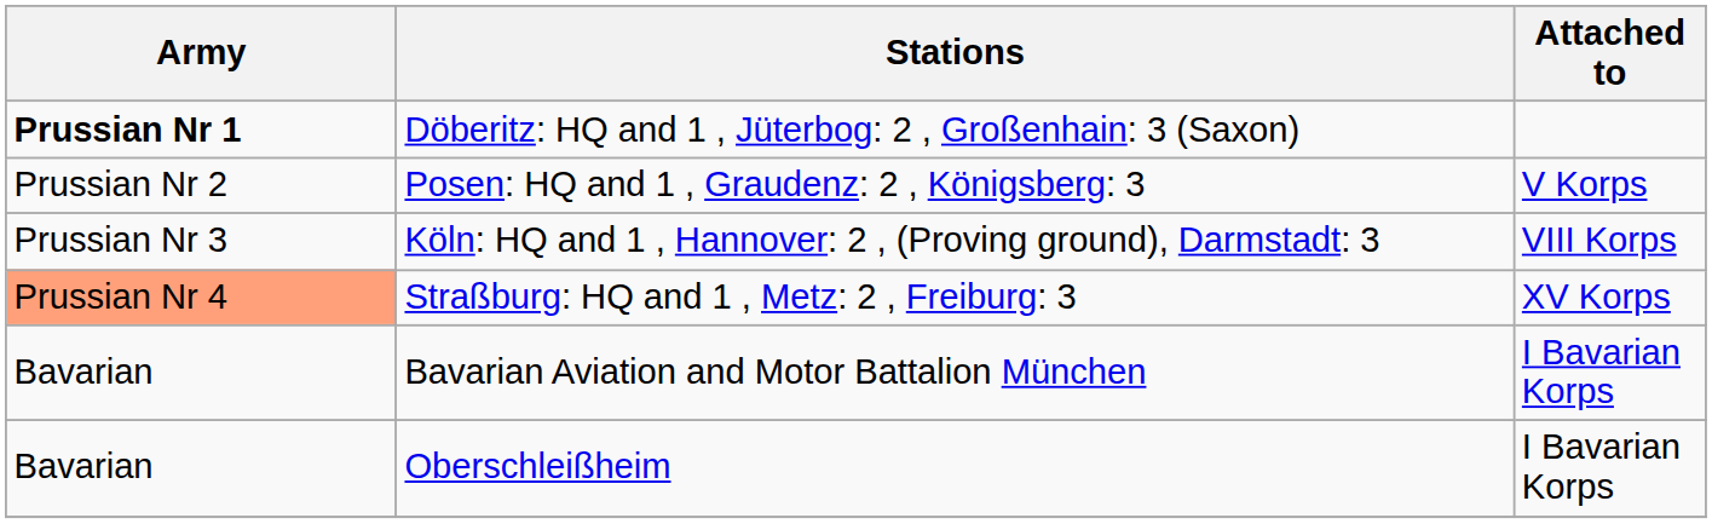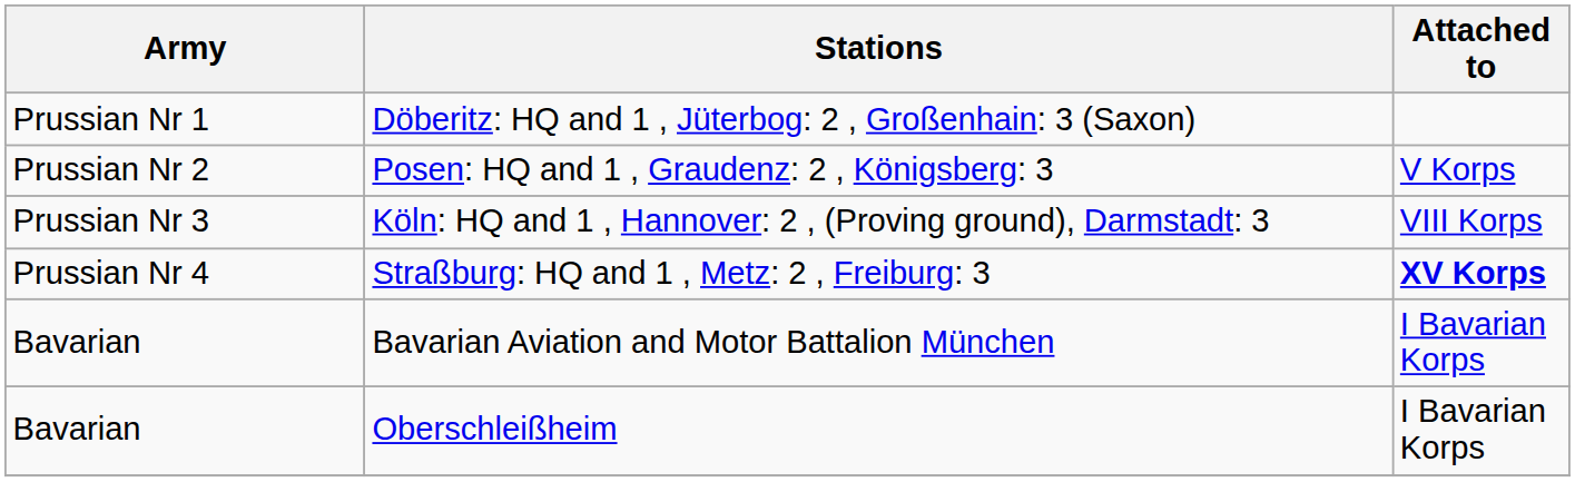 <table class="wikitable sortable">
 <tr>
 <th scope="col" width="170px">Army</th>
 <th scope="col" width="500px">Stations</th>
 <th scope="col" width="80px">Attached to</th>
 </tr>
 <tr>
-<td align="left"><strong>Prussian  Nr 1</strong></td>
+<td align="left">Prussian  Nr 1</td>
 <td align="left"><a href='#'>Döberitz</a>: HQ and 1 , <a href='#'>Jüterbog</a>: 2 , <a href='#'>Großenhain</a>: 3 (Saxon) </td>
 <td align="left"></td>
 </tr>
 <tr>
 <td align="left">Prussian  Nr 2</td>
 <td align="left"><a href='#'>Posen</a>: HQ and 1 , <a href='#'>Graudenz</a>: 2 , <a href='#'>Königsberg</a>: 3 </td>
 <td align="left"><a href='#'>V Korps</a></td>
 </tr>
 <tr>
 <td align="left">Prussian  Nr 3</td>
 <td align="left"><a href='#'>Köln</a>: HQ and 1 , <a href='#'>Hannover</a>: 2 ,  (Proving ground), <a href='#'>Darmstadt</a>: 3 </td>
 <td align="left"><a href='#'>VIII Korps</a></td>
 </tr>
 <tr>
-<td align="left" style="background: lightsalmon;">Prussian  Nr 4</td>
+<td align="left">Prussian  Nr 4</td>
 <td align="left"><a href='#'>Straßburg</a>: HQ and 1 , <a href='#'>Metz</a>: 2 , <a href='#'>Freiburg</a>: 3 </td>
-<td align="left"><a href='#'>XV Korps</a></td>
+<td align="left"><strong><a href='#'>XV Korps</a></strong></td>
 </tr>
 <tr>
 <td align="left">Bavarian </td>
 <td align="left">Bavarian Aviation and Motor Battalion <a href='#'>München</a></td>
 <td align="left"><a href='#'>I Bavarian Korps</a></td>
 </tr>
 <tr>
 <td align="left">Bavarian </td>
 <td align="left"><a href='#'>Oberschleißheim</a></td>
 <td align="left">I Bavarian Korps</td>
 </tr>
 <tr>
 </tr>
 </table>
